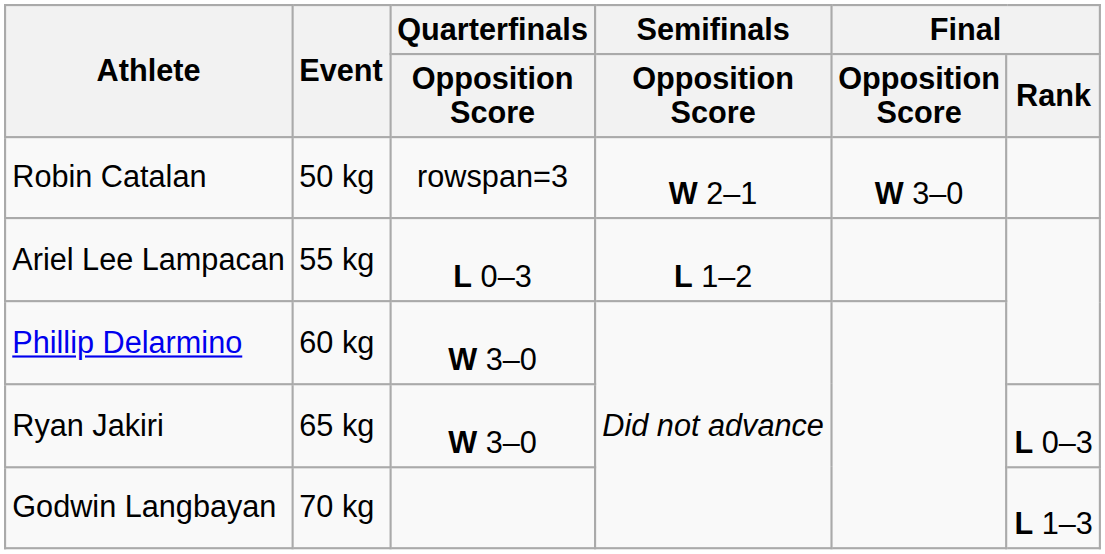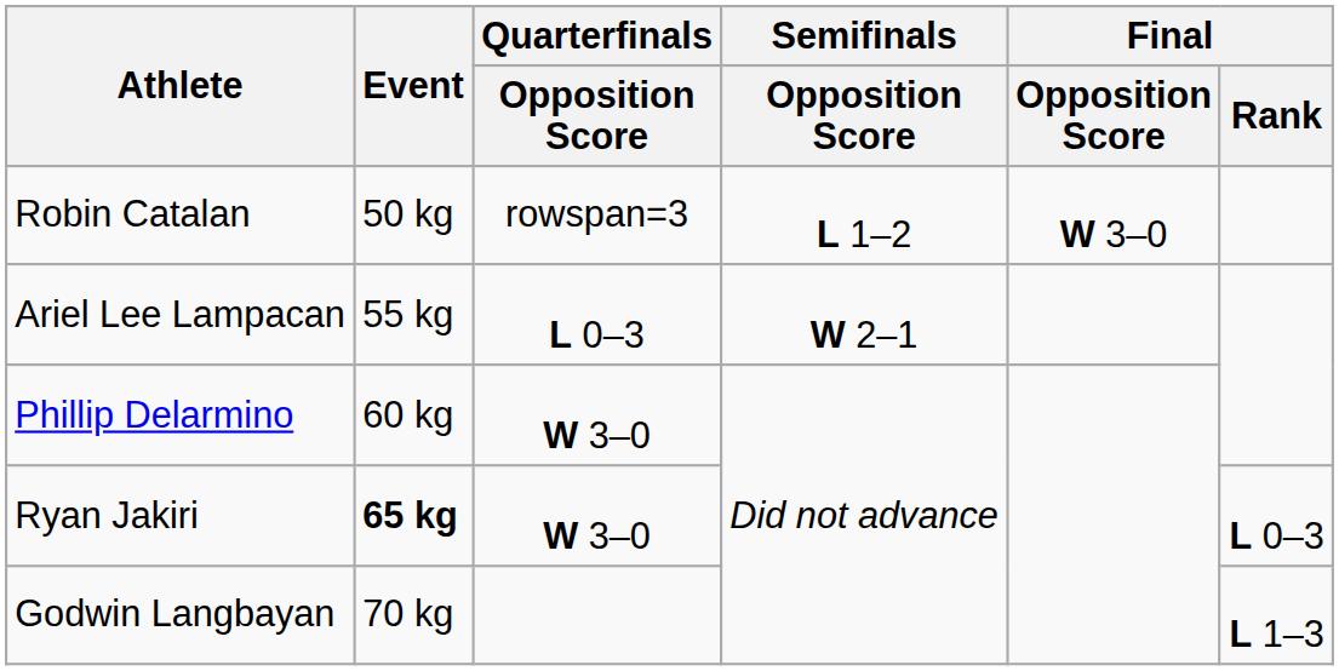 <table class="wikitable" style="font-size:90%">
 <tr>
 <th rowspan=2>Athlete</th>
 <th rowspan=2>Event</th>
 <th>Quarterfinals</th>
 <th>Semifinals</th>
 <th colspan=2>Final</th>
 </tr>
 <tr style="font-size:95">
 <th>Opposition<br>Score</th>
 <th>Opposition<br>Score</th>
 <th>Opposition<br>Score</th>
 <th>Rank</th>
 </tr>
 <tr align=center>
 <td align=left>Robin Catalan</td>
 <td align=left>50 kg</td>
 <td>rowspan=3 </td>
-<td><br><strong>W</strong> 2–1</td>
+<td><br><strong>L</strong> 1–2</td>
 <td><br><strong>W</strong> 3–0</td>
 <td></td>
 </tr>
 <tr align=center>
 <td align=left>Ariel Lee Lampacan</td>
 <td align=left>55 kg</td>
 <td><br><strong>L</strong> 0–3</td>
-<td><br><strong>L</strong> 1–2</td>
+<td><br><strong>W</strong> 2–1</td>
 <td></td>
 </tr>
 <tr align=center>
 <td align=left><a href='#'>Phillip Delarmino</a></td>
 <td align=left>60 kg</td>
 <td><br><strong>W</strong> 3–0</td>
 <td rowspan=3><em>Did not advance</em></td>
 <td rowspan=3></td>
 </tr>
 <tr align=center>
 <td align=left>Ryan Jakiri</td>
-<td align=left>65 kg</td>
+<td align=left><strong>65 kg</strong></td>
 <td><br><strong>W</strong> 3–0</td>
 <td><br><strong>L</strong> 0–3</td>
 </tr>
 <tr align=center>
 <td align=left>Godwin Langbayan</td>
 <td align=left>70 kg</td>
 <td></td>
 <td><br><strong>L</strong> 1–3</td>
 </tr>
 </table>
